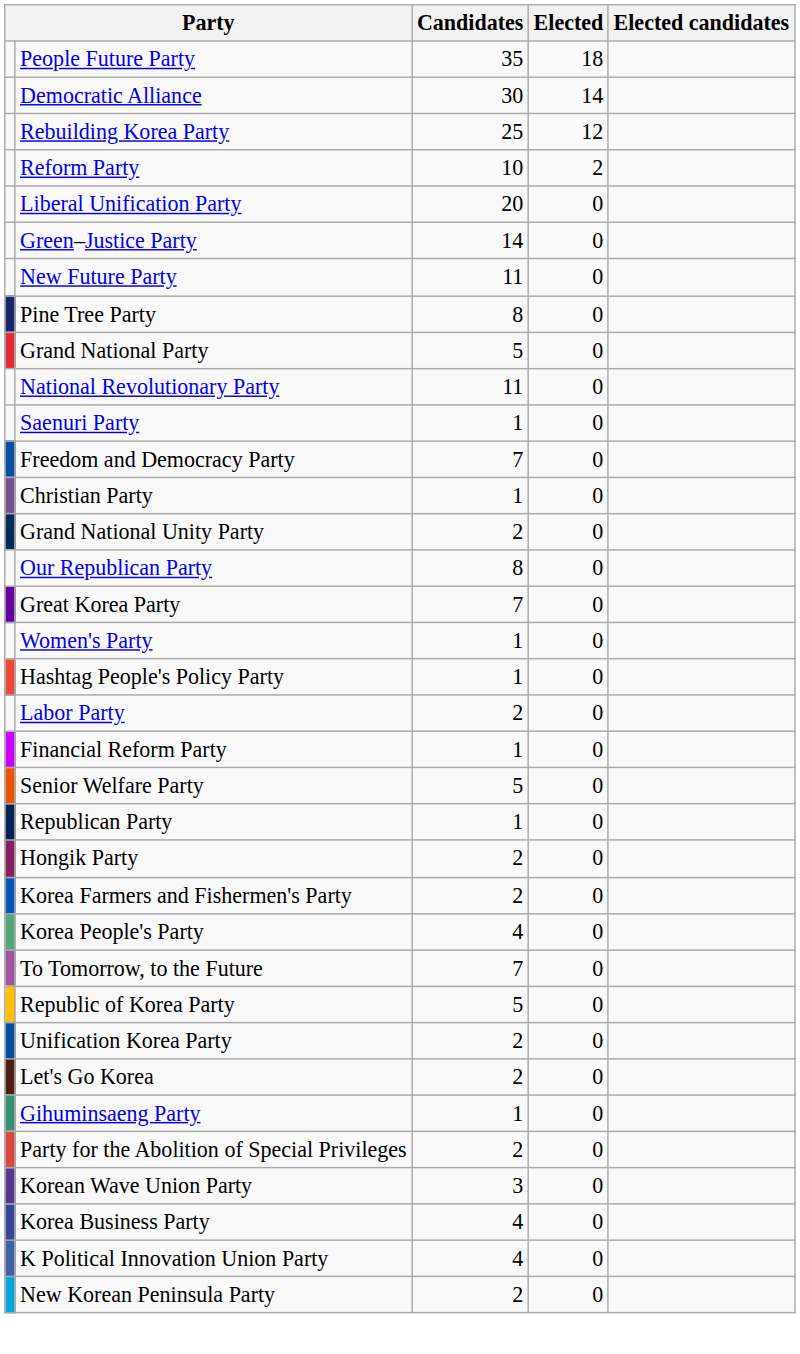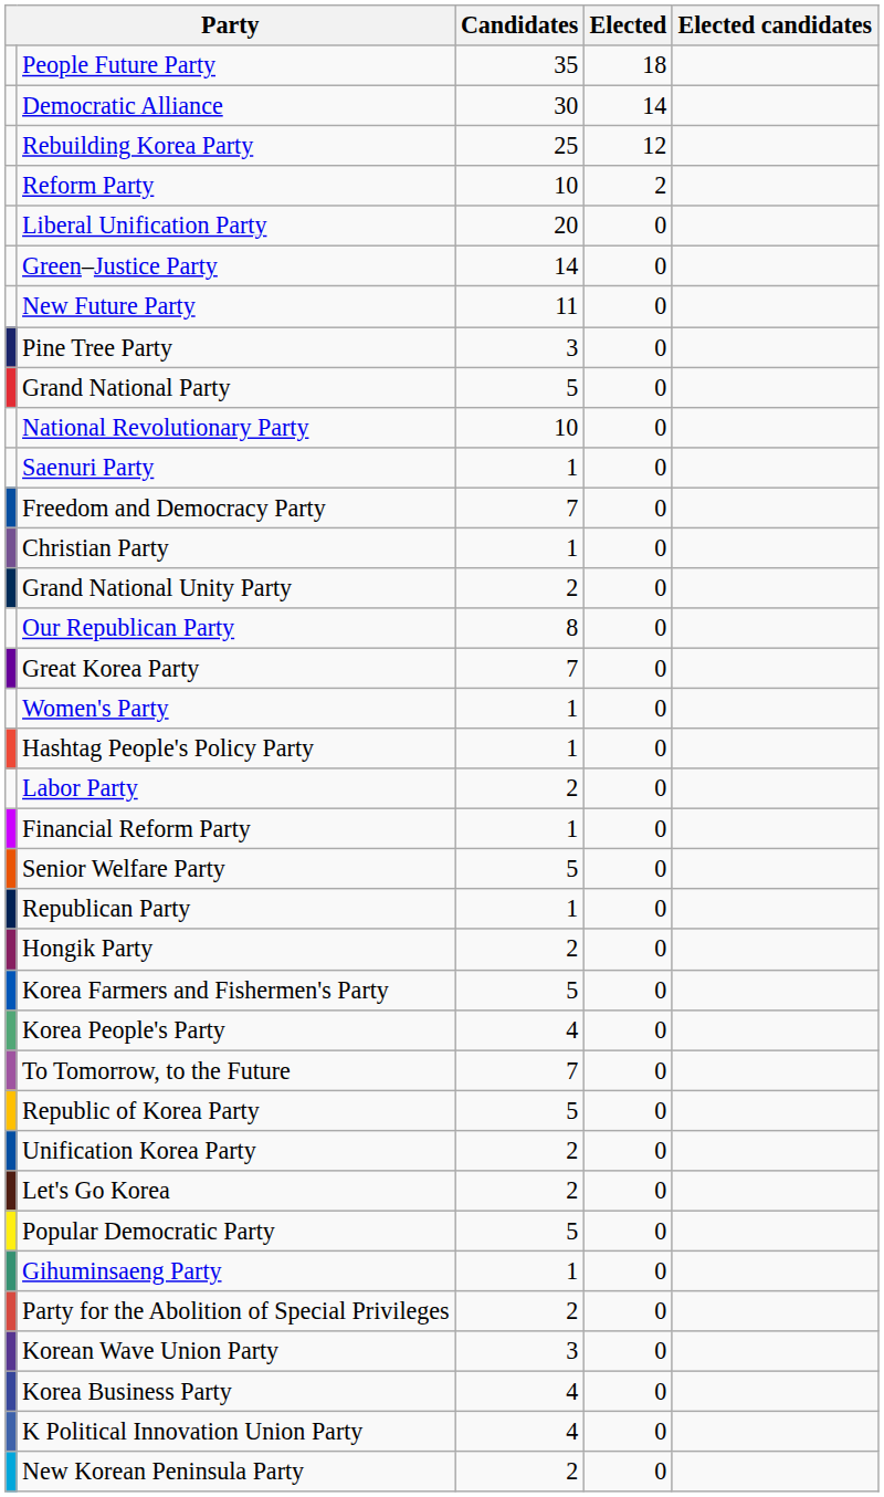 <table class="wikitable sortable plainrowheaders" style="font-size:95%">
 <tr>
 <th colspan="2">Party</th>
 <th>Candidates</th>
 <th>Elected</th>
 <th>Elected candidates</th>
 </tr>
 <tr>
 <td style="background:"></td>
 <td><a href='#'>People Future Party</a></td>
 <td align="right">35</td>
 <td align="right">18</td>
 <td></td>
 </tr>
 <tr>
 <td style="background:"></td>
 <td><a href='#'>Democratic Alliance</a></td>
 <td align="right">30</td>
 <td align="right">14</td>
 <td></td>
 </tr>
 <tr>
 <td style="background:"></td>
 <td><a href='#'>Rebuilding Korea Party</a></td>
 <td align="right">25</td>
 <td align="right">12</td>
 <td></td>
 </tr>
 <tr>
 <td style="background:"></td>
 <td><a href='#'>Reform Party</a></td>
 <td align="right">10</td>
 <td align="right">2</td>
 <td></td>
 </tr>
 <tr>
 <td style="background:"></td>
 <td><a href='#'>Liberal Unification Party</a></td>
 <td align="right">20</td>
 <td align="right">0</td>
 <td></td>
 </tr>
 <tr>
 <td style="background:"></td>
 <td><a href='#'>Green</a>–<a href='#'>Justice Party</a></td>
 <td align="right">14</td>
 <td align="right">0</td>
 <td></td>
 </tr>
 <tr>
 <td style="background:"></td>
 <td><a href='#'>New Future Party</a></td>
 <td align="right">11</td>
 <td align="right">0</td>
 <td></td>
 </tr>
 <tr>
 <td bgcolor=#1A246B></td>
 <td>Pine Tree Party</td>
-<td align="right">8</td>
+<td align="right">3</td>
 <td align="right">0</td>
 <td></td>
 </tr>
 <tr>
 <td bgcolor=#e32b34></td>
 <td>Grand National Party</td>
 <td align="right">5</td>
 <td align="right">0</td>
 <td></td>
 </tr>
 <tr>
 <td bgcolor=></td>
 <td><a href='#'>National Revolutionary Party</a></td>
-<td align="right">11</td>
+<td align="right">10</td>
 <td align="right">0</td>
 <td></td>
 </tr>
 <tr>
 <td bgcolor=></td>
 <td><a href='#'>Saenuri Party</a></td>
 <td align="right">1</td>
 <td align="right">0</td>
 <td></td>
 </tr>
 <tr>
 <td bgcolor=#054EA0></td>
 <td>Freedom and Democracy Party</td>
 <td align="right">7</td>
 <td align="right">0</td>
 <td></td>
 </tr>
 <tr>
 <td bgcolor=#755191></td>
 <td>Christian Party</td>
 <td align="right">1</td>
 <td align="right">0</td>
 <td></td>
 </tr>
 <tr>
 <td bgcolor=#002B58></td>
 <td>Grand National Unity Party</td>
 <td align="right">2</td>
 <td align="right">0</td>
 <td></td>
 </tr>
 <tr>
 <td bgcolor=></td>
 <td><a href='#'>Our Republican Party</a></td>
 <td align="right">8</td>
 <td align="right">0</td>
 <td></td>
 </tr>
 <tr>
 <td bgcolor=#670099></td>
 <td>Great Korea Party</td>
 <td align="right">7</td>
 <td align="right">0</td>
 <td></td>
 </tr>
 <tr>
 <td bgcolor=></td>
 <td><a href='#'>Women's Party</a></td>
 <td align="right">1</td>
 <td align="right">0</td>
 <td></td>
 </tr>
 <tr>
 <td bgcolor=#EE4937></td>
 <td>Hashtag People's Policy Party</td>
 <td align="right">1</td>
 <td align="right">0</td>
 <td></td>
 </tr>
 <tr>
 <td bgcolor=></td>
 <td><a href='#'>Labor Party</a></td>
 <td align="right">2</td>
 <td align="right">0</td>
 <td></td>
 </tr>
 <tr>
 <td bgcolor=#CC00FF></td>
 <td>Financial Reform Party</td>
 <td align="right">1</td>
 <td align="right">0</td>
 <td></td>
 </tr>
 <tr>
 <td bgcolor=#EA5404></td>
 <td>Senior Welfare Party</td>
 <td align="right">5</td>
 <td align="right">0</td>
 <td></td>
 </tr>
 <tr>
 <td bgcolor=#012154></td>
 <td>Republican Party</td>
 <td align="right">1</td>
 <td align="right">0</td>
 <td></td>
 </tr>
 <tr>
 <td bgcolor=#871E60></td>
 <td>Hongik Party</td>
 <td align="right">2</td>
 <td align="right">0</td>
 <td></td>
 </tr>
 <tr>
 <td bgcolor=#0056B8></td>
 <td>Korea Farmers and Fishermen's Party</td>
-<td align="right">2</td>
+<td align="right">5</td>
 <td align="right">0</td>
 <td></td>
 </tr>
 <tr>
 <td bgcolor=#51A776></td>
 <td>Korea People's Party</td>
 <td align="right">4</td>
 <td align="right">0</td>
 <td></td>
 </tr>
 <tr>
 <td bgcolor=#9F53A0></td>
 <td>To Tomorrow, to the Future</td>
 <td align="right">7</td>
 <td align="right">0</td>
 <td></td>
 </tr>
 <tr>
 <td bgcolor=#FFC000></td>
 <td>Republic of Korea Party</td>
 <td align="right">5</td>
 <td align="right">0</td>
 <td></td>
 </tr>
 <tr>
 <td bgcolor=#034EA2></td>
 <td>Unification Korea Party</td>
 <td align="right">2</td>
 <td align="right">0</td>
 <td></td>
 </tr>
 <tr>
 <td bgcolor=#4F1D12></td>
 <td>Let's Go Korea</td>
 <td align="right">2</td>
+<td align="right">0</td>
+<td></td>
+</tr>
+<tr>
+<td bgcolor=#FFEF11></td>
+<td>Popular Democratic Party</td>
+<td align="right">5</td>
 <td align="right">0</td>
 <td></td>
 </tr>
 <tr>
 <td bgcolor=#359172></td>
 <td><a href='#'>Gihuminsaeng Party</a></td>
 <td align="right">1</td>
 <td align="right">0</td>
 <td></td>
 </tr>
 <tr>
 <td bgcolor=#D74940></td>
 <td>Party for the Abolition of Special Privileges</td>
 <td align="right">2</td>
 <td align="right">0</td>
 <td></td>
 </tr>
 <tr>
 <td bgcolor=#573590></td>
 <td>Korean Wave Union Party</td>
 <td align="right">3</td>
 <td align="right">0</td>
 <td></td>
 </tr>
 <tr>
 <td bgcolor=#37469B></td>
 <td>Korea Business Party</td>
 <td align="right">4</td>
 <td align="right">0</td>
 <td></td>
 </tr>
 <tr>
 <td bgcolor=#3E62AA></td>
 <td>K Political Innovation Union Party</td>
 <td align="right">4</td>
 <td align="right">0</td>
 <td></td>
 </tr>
 <tr>
 <td bgcolor=#00A7DB></td>
 <td>New Korean Peninsula Party</td>
 <td align="right">2</td>
 <td align="right">0</td>
 <td></td>
 </tr>
 </table>
